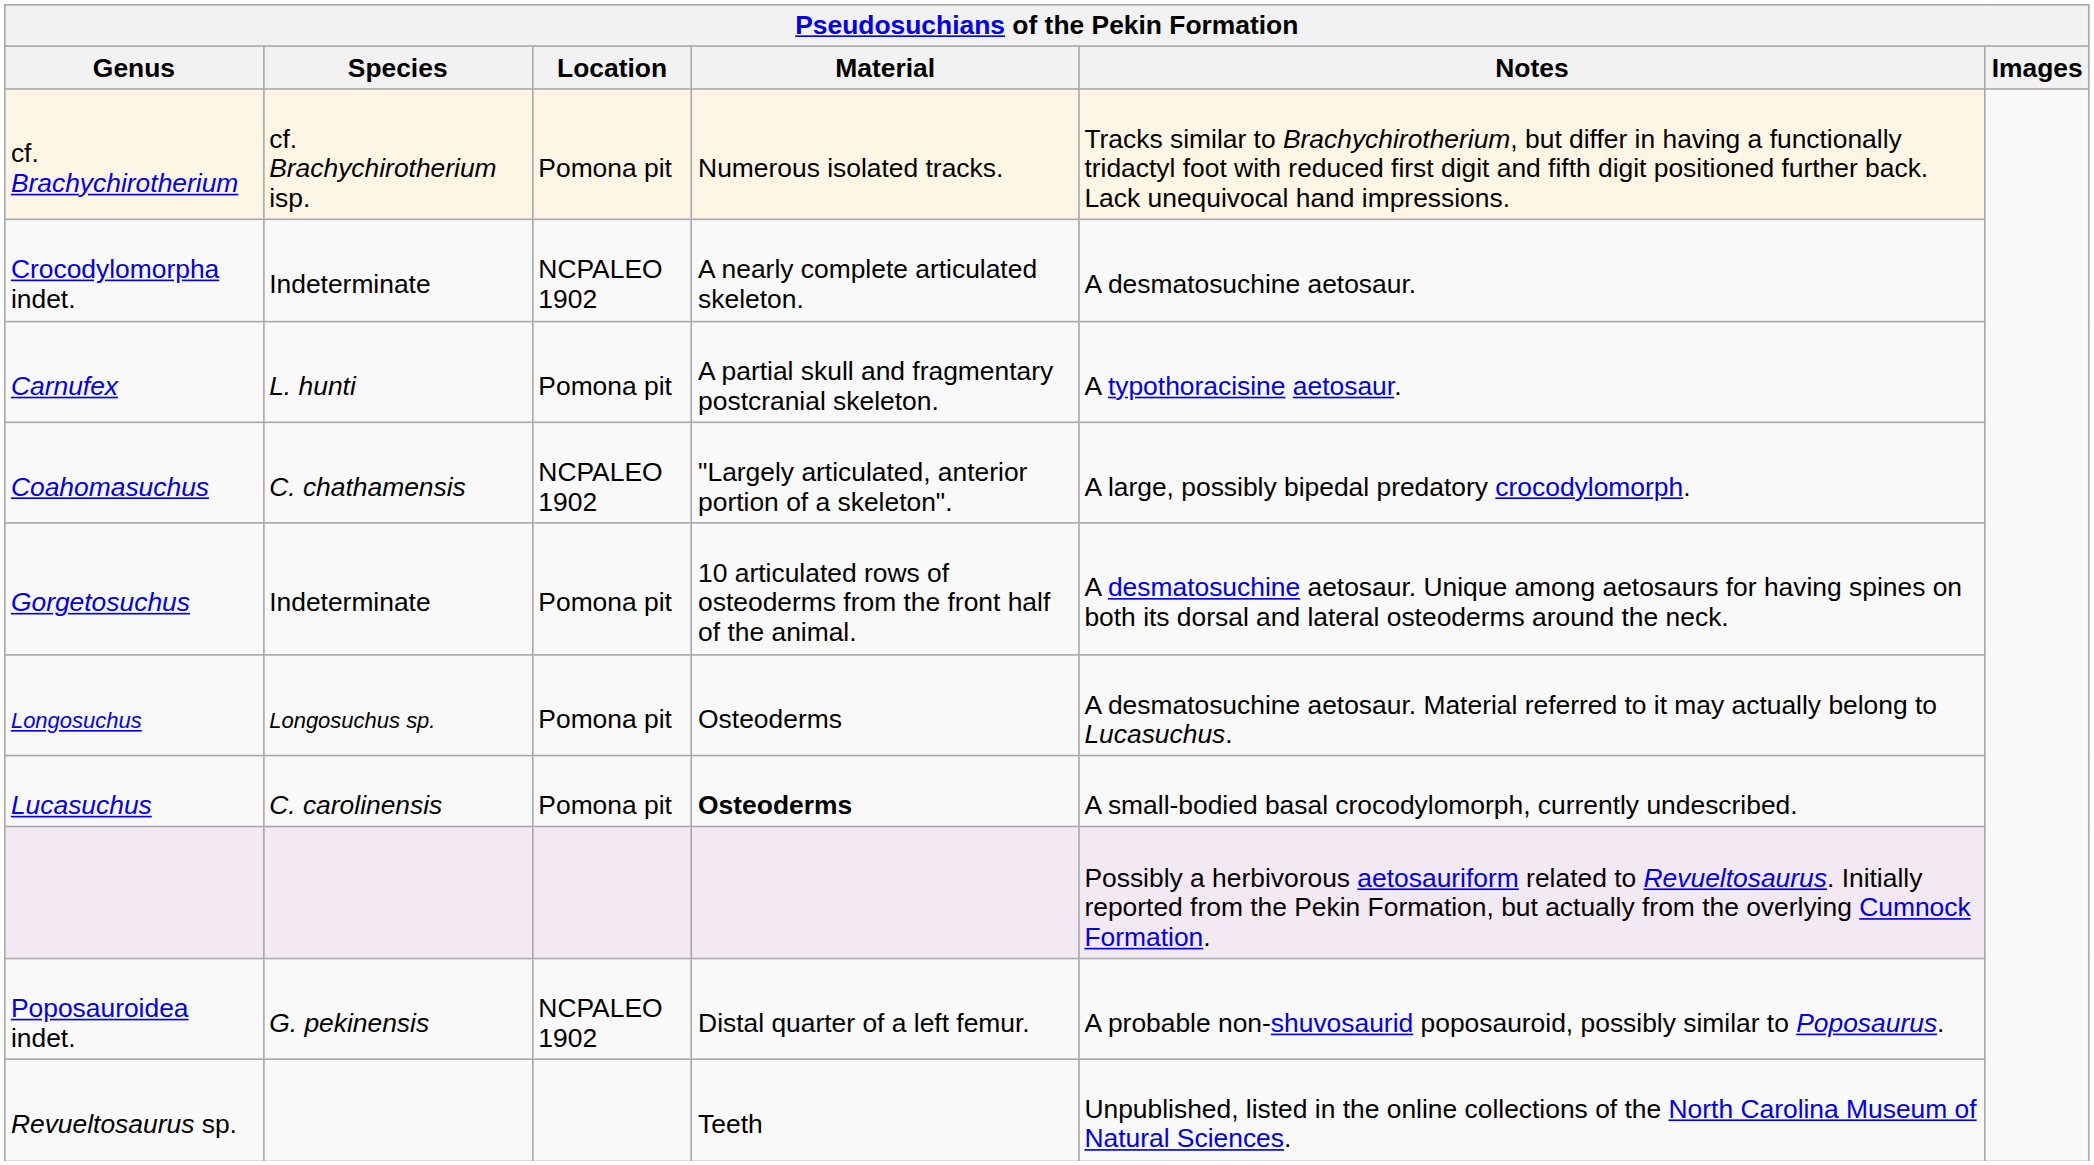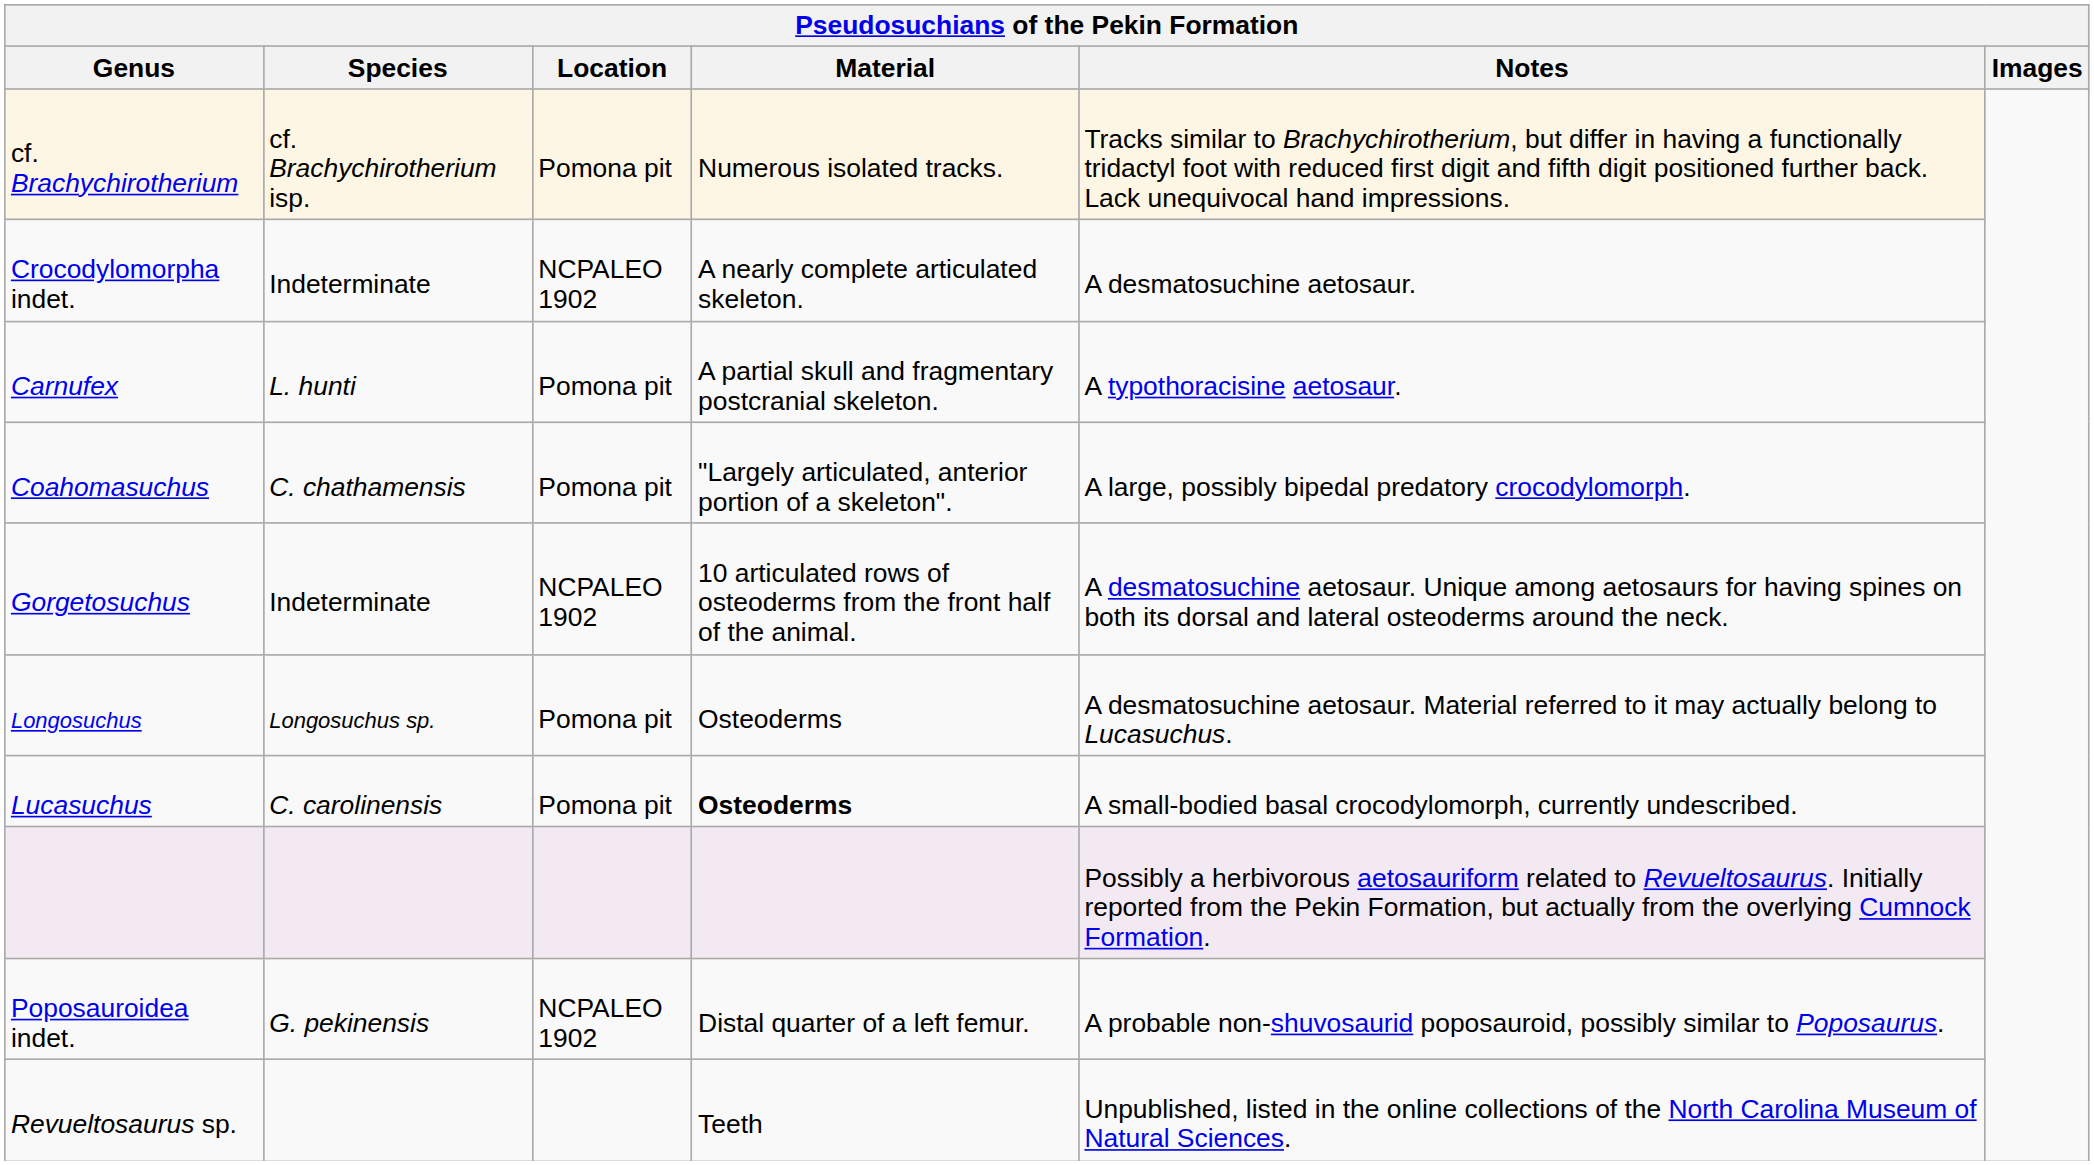 <table class="wikitable" align="center" width="100%">
 <tr>
 <th colspan="6" align="center"><a href='#'>Pseudosuchians</a> of the Pekin Formation</th>
 </tr>
 <tr>
 <th>Genus</th>
 <th>Species</th>
 <th>Location</th>
 <th>Material</th>
 <th>Notes</th>
 <th>Images</th>
 </tr>
 <tr>
 <td style="background:#FEF6E4;"><br>cf. <em><a href='#'>Brachychirotherium</a></em></td>
 <td style="background:#FEF6E4;"><br>cf. <em>Brachychirotherium</em> isp.</td>
 <td style="background:#FEF6E4;"><br>Pomona pit</td>
 <td style="background:#FEF6E4;"><br>Numerous isolated tracks.</td>
 <td style="background:#FEF6E4;"><br>Tracks similar to <em>Brachychirotherium</em>, but differ in having a functionally tridactyl foot with reduced first digit and fifth digit positioned further back. Lack unequivocal hand impressions.</td>
 <td rowspan="10"><br>  </td>
 </tr>
 <tr>
 <td><br><a href='#'>Crocodylomorpha</a> indet.</td>
 <td><br>Indeterminate</td>
 <td><br>NCPALEO 1902</td>
 <td><br>A nearly complete articulated skeleton.</td>
 <td><br>A desmatosuchine aetosaur.</td>
 </tr>
 <tr>
 <td><br><em><a href='#'>Carnufex</a></em></td>
 <td><br><em>L. hunti</em></td>
 <td><br>Pomona pit</td>
 <td><br>A partial skull and fragmentary postcranial skeleton.</td>
 <td><br>A <a href='#'>typothoracisine</a> <a href='#'>aetosaur</a>.</td>
 </tr>
 <tr>
 <td><br><em><a href='#'>Coahomasuchus</a></em></td>
 <td><br><em>C. chathamensis</em></td>
-<td><br>NCPALEO 1902</td>
+<td><br>Pomona pit</td>
 <td><br>"Largely articulated, anterior portion of a skeleton".</td>
 <td><br>A large, possibly bipedal predatory <a href='#'>crocodylomorph</a>.</td>
 </tr>
 <tr>
 <td><br><em><a href='#'>Gorgetosuchus</a></em></td>
 <td><br>Indeterminate</td>
-<td><br>Pomona pit</td>
+<td><br>NCPALEO 1902</td>
 <td><br>10 articulated rows of osteoderms from the front half of the animal.</td>
 <td><br>A <a href='#'>desmatosuchine</a> aetosaur. Unique among aetosaurs for having spines on both its dorsal and lateral osteoderms around the neck.</td>
 </tr>
 <tr>
 <td><br><small><em><a href='#'>Longosuchus</a></em></small></td>
 <td><br><small><em>Longosuchus sp.</em></small></td>
 <td><br>Pomona pit</td>
 <td><br>Osteoderms</td>
 <td><br>A desmatosuchine aetosaur. Material referred to it may actually belong to <em>Lucasuchus</em>.</td>
 </tr>
 <tr>
 <td><br><em><a href='#'>Lucasuchus</a></em></td>
 <td><br><em>C. carolinensis</em></td>
 <td><br>Pomona pit</td>
 <td><strong><br>Osteoderms</strong></td>
 <td><br>A small-bodied basal crocodylomorph, currently undescribed.</td>
 </tr>
 <tr>
 <td style="background:#f3e9f3;"><br></td>
 <td style="background:#f3e9f3;"><br></td>
 <td style="background:#f3e9f3;"></td>
 <td style="background:#f3e9f3;"></td>
 <td style="background:#f3e9f3;"><br>Possibly a herbivorous <a href='#'>aetosauriform</a> related to <em><a href='#'>Revueltosaurus</a></em>. Initially reported from the Pekin Formation, but actually from the overlying <a href='#'>Cumnock Formation</a>.</td>
 </tr>
 <tr>
 <td><br><a href='#'>Poposauroidea</a> indet.</td>
 <td><br><em>G. pekinensis</em></td>
 <td><br>NCPALEO 1902</td>
 <td><br>Distal quarter of a left femur.</td>
 <td><br>A probable non-<a href='#'>shuvosaurid</a> poposauroid, possibly similar to <em><a href='#'>Poposaurus</a></em>.</td>
 </tr>
 <tr>
 <td><br><em>Revueltosaurus</em> sp.</td>
 <td></td>
 <td></td>
 <td><br>Teeth</td>
 <td><br>Unpublished, listed in the online collections of the <a href='#'>North Carolina Museum of Natural Sciences</a>.</td>
 </tr>
 </table>
